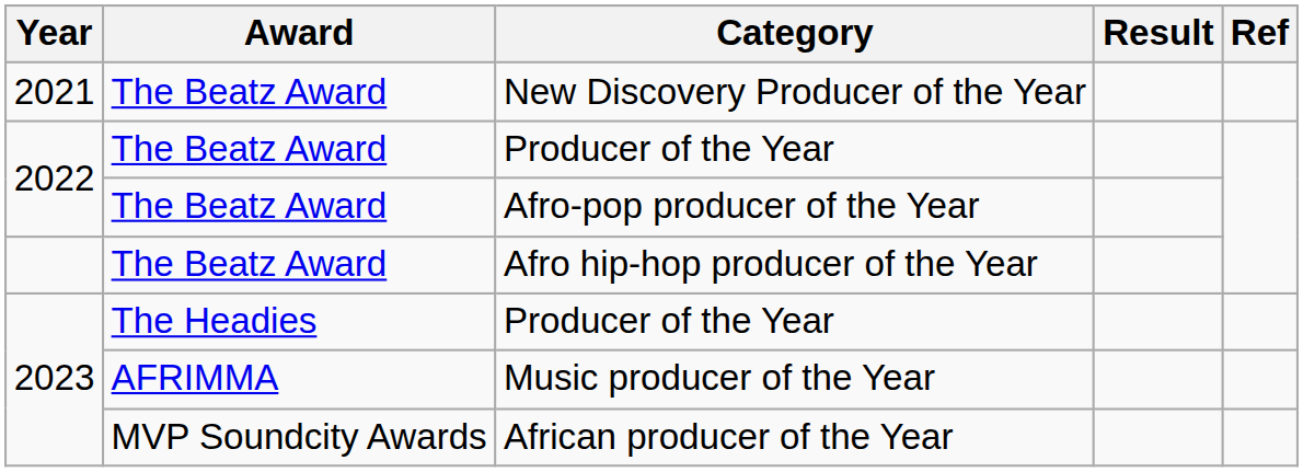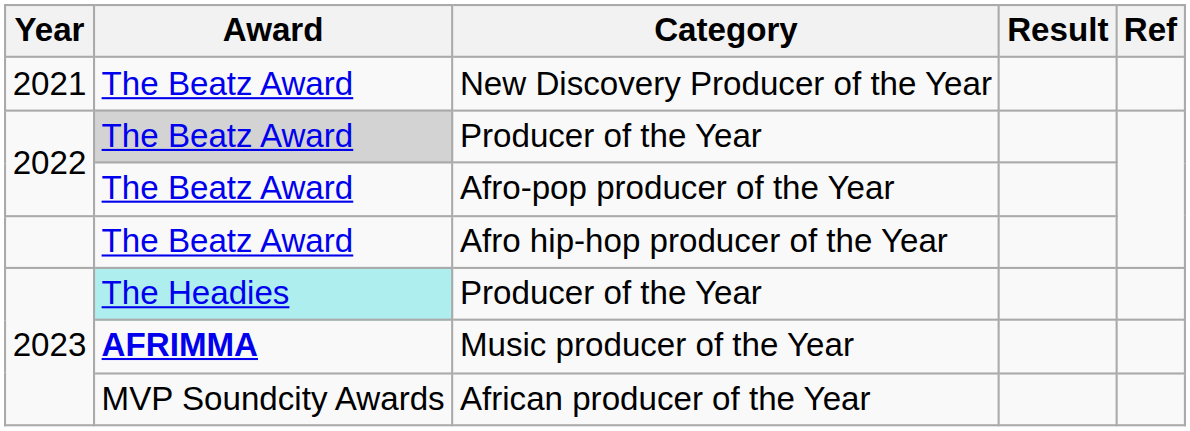 <table class="wikitable">
 <tr>
 <th>Year</th>
 <th>Award</th>
 <th>Category</th>
 <th>Result</th>
 <th>Ref</th>
 </tr>
 <tr>
 <td>2021</td>
 <td><a href='#'>The Beatz Award</a></td>
 <td>New Discovery Producer of the Year</td>
 <td></td>
 <td></td>
 </tr>
 <tr>
 <td rowspan="2">2022</td>
-<td><a href='#'>The Beatz Award</a></td>
+<td style="background: lightgrey;"><a href='#'>The Beatz Award</a></td>
 <td>Producer of the Year</td>
 <td></td>
 <td rowspan="3"></td>
 </tr>
 <tr>
 <td><a href='#'>The Beatz Award</a></td>
 <td>Afro-pop producer of the Year</td>
 <td></td>
 </tr>
 <tr>
 <td></td>
 <td><a href='#'>The Beatz Award</a></td>
 <td>Afro hip-hop producer of the Year</td>
 <td></td>
 </tr>
 <tr>
 <td rowspan="3">2023</td>
-<td><a href='#'>The Headies</a></td>
+<td style="background: paleturquoise;"><a href='#'>The Headies</a></td>
 <td>Producer of the Year</td>
 <td></td>
 <td></td>
 </tr>
 <tr>
-<td><a href='#'>AFRIMMA</a></td>
+<td><strong><a href='#'>AFRIMMA</a></strong></td>
 <td>Music producer of the Year</td>
 <td></td>
 <td></td>
 </tr>
 <tr>
 <td>MVP Soundcity Awards</td>
 <td>African producer of the Year</td>
 <td></td>
 <td></td>
 </tr>
 </table>
